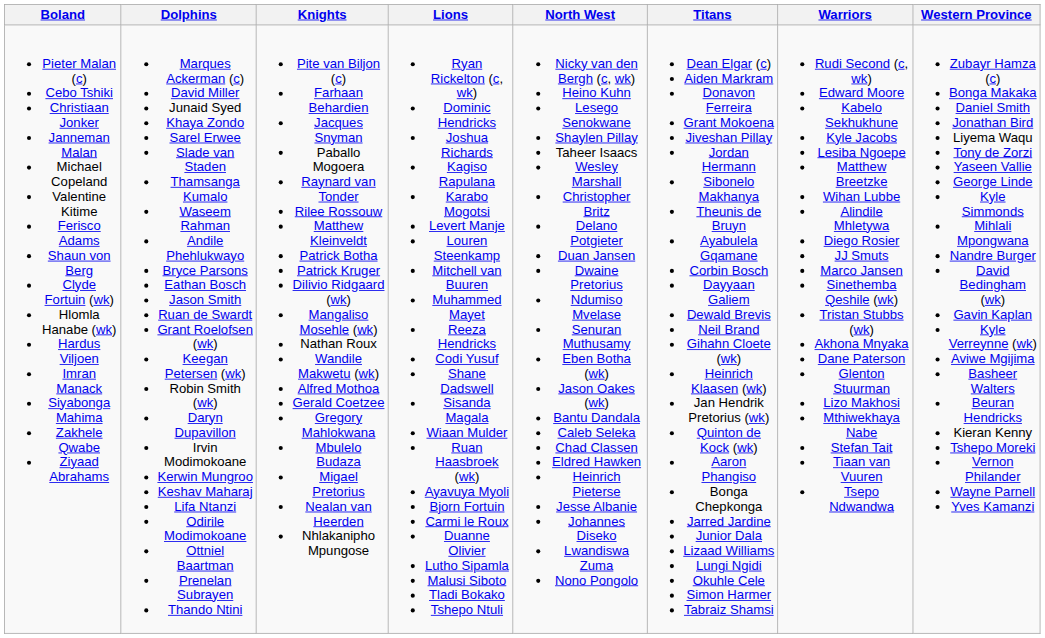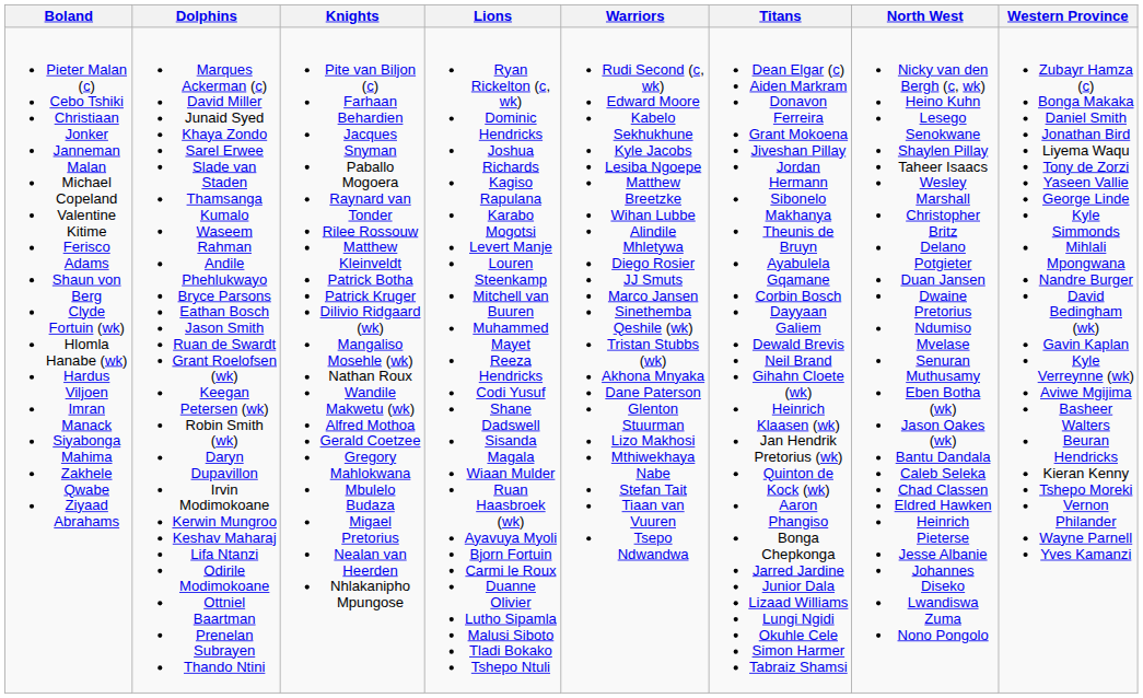 <table class="wikitable" style="text-align:center; margin:auto">
 <tr>
 <th><a href='#'>Boland</a></th>
 <th><a href='#'>Dolphins</a></th>
 <th><a href='#'>Knights</a></th>
 <th><a href='#'>Lions</a></th>
+<th><a href='#'>Warriors</a></th>
+<th><a href='#'>Titans</a></th>
 <th><a href='#'>North West</a></th>
-<th><a href='#'>Titans</a></th>
-<th><a href='#'>Warriors</a></th>
 <th><a href='#'>Western Province</a></th>
 </tr>
 <tr style="vertical-align:top">
 <td><br><ul><li><a href='#'>Pieter Malan</a> (<a href='#'>c</a>)</li><li><a href='#'>Cebo Tshiki</a></li><li><a href='#'>Christiaan Jonker</a></li><li><a href='#'>Janneman Malan</a></li><li>Michael Copeland</li><li>Valentine Kitime</li><li><a href='#'>Ferisco Adams</a></li><li><a href='#'>Shaun von Berg</a></li><li><a href='#'>Clyde Fortuin</a> (<a href='#'>wk</a>)</li><li>Hlomla Hanabe (<a href='#'>wk</a>)</li><li><a href='#'>Hardus Viljoen</a></li><li><a href='#'>Imran Manack</a></li><li><a href='#'>Siyabonga Mahima</a></li><li><a href='#'>Zakhele Qwabe</a></li><li><a href='#'>Ziyaad Abrahams</a></li></ul></td>
 <td><br><ul><li><a href='#'>Marques Ackerman</a> (<a href='#'>c</a>)</li><li><a href='#'>David Miller</a></li><li>Junaid Syed</li><li><a href='#'>Khaya Zondo</a></li><li><a href='#'>Sarel Erwee</a></li><li><a href='#'>Slade van Staden</a></li><li><a href='#'>Thamsanga Kumalo</a></li><li><a href='#'>Waseem Rahman</a></li><li><a href='#'>Andile Phehlukwayo</a></li><li><a href='#'>Bryce Parsons</a></li><li><a href='#'>Eathan Bosch</a></li><li><a href='#'>Jason Smith</a></li><li><a href='#'>Ruan de Swardt</a></li><li><a href='#'>Grant Roelofsen</a> (<a href='#'>wk</a>)</li><li><a href='#'>Keegan Petersen</a> (<a href='#'>wk</a>)</li><li>Robin Smith (<a href='#'>wk</a>)</li><li><a href='#'>Daryn Dupavillon</a></li><li>Irvin Modimokoane</li><li><a href='#'>Kerwin Mungroo</a></li><li><a href='#'>Keshav Maharaj</a></li><li><a href='#'>Lifa Ntanzi</a></li><li><a href='#'>Odirile Modimokoane</a></li><li><a href='#'>Ottniel Baartman</a></li><li><a href='#'>Prenelan Subrayen</a></li><li><a href='#'>Thando Ntini</a></li></ul></td>
 <td><br><ul><li><a href='#'>Pite van Biljon</a> (<a href='#'>c</a>)</li><li><a href='#'>Farhaan Behardien</a></li><li><a href='#'>Jacques Snyman</a></li><li>Paballo Mogoera</li><li><a href='#'>Raynard van Tonder</a></li><li><a href='#'>Rilee Rossouw</a></li><li><a href='#'>Matthew Kleinveldt</a></li><li><a href='#'>Patrick Botha</a></li><li><a href='#'>Patrick Kruger</a></li><li><a href='#'>Dilivio Ridgaard</a> (<a href='#'>wk</a>)</li><li><a href='#'>Mangaliso Mosehle</a> (<a href='#'>wk</a>)</li><li>Nathan Roux</li><li><a href='#'>Wandile Makwetu</a> (<a href='#'>wk</a>)</li><li><a href='#'>Alfred Mothoa</a></li><li><a href='#'>Gerald Coetzee</a></li><li><a href='#'>Gregory Mahlokwana</a></li><li><a href='#'>Mbulelo Budaza</a></li><li><a href='#'>Migael Pretorius</a></li><li><a href='#'>Nealan van Heerden</a></li><li>Nhlakanipho Mpungose</li></ul></td>
 <td><br><ul><li><a href='#'>Ryan Rickelton</a> (<a href='#'>c</a>, <a href='#'>wk</a>)</li><li><a href='#'>Dominic Hendricks</a></li><li><a href='#'>Joshua Richards</a></li><li><a href='#'>Kagiso Rapulana</a></li><li><a href='#'>Karabo Mogotsi</a></li><li><a href='#'>Levert Manje</a></li><li><a href='#'>Louren Steenkamp</a></li><li><a href='#'>Mitchell van Buuren</a></li><li><a href='#'>Muhammed Mayet</a></li><li><a href='#'>Reeza Hendricks</a></li><li><a href='#'>Codi Yusuf</a></li><li><a href='#'>Shane Dadswell</a></li><li><a href='#'>Sisanda Magala</a></li><li><a href='#'>Wiaan Mulder</a></li><li><a href='#'>Ruan Haasbroek</a> (<a href='#'>wk</a>)</li><li><a href='#'>Ayavuya Myoli</a></li><li><a href='#'>Bjorn Fortuin</a></li><li><a href='#'>Carmi le Roux</a></li><li><a href='#'>Duanne Olivier</a></li><li><a href='#'>Lutho Sipamla</a></li><li><a href='#'>Malusi Siboto</a></li><li><a href='#'>Tladi Bokako</a></li><li><a href='#'>Tshepo Ntuli</a></li></ul></td>
+<td><br><ul><li><a href='#'>Rudi Second</a> (<a href='#'>c</a>, <a href='#'>wk</a>)</li><li><a href='#'>Edward Moore</a></li><li><a href='#'>Kabelo Sekhukhune</a></li><li><a href='#'>Kyle Jacobs</a></li><li><a href='#'>Lesiba Ngoepe</a></li><li><a href='#'>Matthew Breetzke</a></li><li><a href='#'>Wihan Lubbe</a></li><li><a href='#'>Alindile Mhletywa</a></li><li><a href='#'>Diego Rosier</a></li><li><a href='#'>JJ Smuts</a></li><li><a href='#'>Marco Jansen</a></li><li><a href='#'>Sinethemba Qeshile</a> (<a href='#'>wk</a>)</li><li><a href='#'>Tristan Stubbs</a> (<a href='#'>wk</a>)</li><li><a href='#'>Akhona Mnyaka</a></li><li><a href='#'>Dane Paterson</a></li><li><a href='#'>Glenton Stuurman</a></li><li><a href='#'>Lizo Makhosi</a></li><li><a href='#'>Mthiwekhaya Nabe</a></li><li><a href='#'>Stefan Tait</a></li><li><a href='#'>Tiaan van Vuuren</a></li><li><a href='#'>Tsepo Ndwandwa</a></li></ul></td>
+<td><br><ul><li><a href='#'>Dean Elgar</a> (<a href='#'>c</a>)</li><li><a href='#'>Aiden Markram</a></li><li><a href='#'>Donavon Ferreira</a></li><li><a href='#'>Grant Mokoena</a></li><li><a href='#'>Jiveshan Pillay</a></li><li><a href='#'>Jordan Hermann</a></li><li><a href='#'>Sibonelo Makhanya</a></li><li><a href='#'>Theunis de Bruyn</a></li><li><a href='#'>Ayabulela Gqamane</a></li><li><a href='#'>Corbin Bosch</a></li><li><a href='#'>Dayyaan Galiem</a></li><li><a href='#'>Dewald Brevis</a></li><li><a href='#'>Neil Brand</a></li><li><a href='#'>Gihahn Cloete</a> (<a href='#'>wk</a>)</li><li><a href='#'>Heinrich Klaasen</a> (<a href='#'>wk</a>)</li><li>Jan Hendrik Pretorius (<a href='#'>wk</a>)</li><li><a href='#'>Quinton de Kock</a> (<a href='#'>wk</a>)</li><li><a href='#'>Aaron Phangiso</a></li><li>Bonga Chepkonga</li><li><a href='#'>Jarred Jardine</a></li><li><a href='#'>Junior Dala</a></li><li><a href='#'>Lizaad Williams</a></li><li><a href='#'>Lungi Ngidi</a></li><li><a href='#'>Okuhle Cele</a></li><li><a href='#'>Simon Harmer</a></li><li><a href='#'>Tabraiz Shamsi</a></li></ul></td>
 <td><br><ul><li><a href='#'>Nicky van den Bergh</a> (<a href='#'>c</a>, <a href='#'>wk</a>)</li><li><a href='#'>Heino Kuhn</a></li><li><a href='#'>Lesego Senokwane</a></li><li><a href='#'>Shaylen Pillay</a></li><li>Taheer Isaacs</li><li><a href='#'>Wesley Marshall</a></li><li><a href='#'>Christopher Britz</a></li><li><a href='#'>Delano Potgieter</a></li><li><a href='#'>Duan Jansen</a></li><li><a href='#'>Dwaine Pretorius</a></li><li><a href='#'>Ndumiso Mvelase</a></li><li><a href='#'>Senuran Muthusamy</a></li><li><a href='#'>Eben Botha</a> (<a href='#'>wk</a>)</li><li><a href='#'>Jason Oakes</a> (<a href='#'>wk</a>)</li><li><a href='#'>Bantu Dandala</a></li><li><a href='#'>Caleb Seleka</a></li><li><a href='#'>Chad Classen</a></li><li><a href='#'>Eldred Hawken</a></li><li><a href='#'>Heinrich Pieterse</a></li><li><a href='#'>Jesse Albanie</a></li><li><a href='#'>Johannes Diseko</a></li><li><a href='#'>Lwandiswa Zuma</a></li><li><a href='#'>Nono Pongolo</a></li></ul></td>
-<td><br><ul><li><a href='#'>Dean Elgar</a> (<a href='#'>c</a>)</li><li><a href='#'>Aiden Markram</a></li><li><a href='#'>Donavon Ferreira</a></li><li><a href='#'>Grant Mokoena</a></li><li><a href='#'>Jiveshan Pillay</a></li><li><a href='#'>Jordan Hermann</a></li><li><a href='#'>Sibonelo Makhanya</a></li><li><a href='#'>Theunis de Bruyn</a></li><li><a href='#'>Ayabulela Gqamane</a></li><li><a href='#'>Corbin Bosch</a></li><li><a href='#'>Dayyaan Galiem</a></li><li><a href='#'>Dewald Brevis</a></li><li><a href='#'>Neil Brand</a></li><li><a href='#'>Gihahn Cloete</a> (<a href='#'>wk</a>)</li><li><a href='#'>Heinrich Klaasen</a> (<a href='#'>wk</a>)</li><li>Jan Hendrik Pretorius (<a href='#'>wk</a>)</li><li><a href='#'>Quinton de Kock</a> (<a href='#'>wk</a>)</li><li><a href='#'>Aaron Phangiso</a></li><li>Bonga Chepkonga</li><li><a href='#'>Jarred Jardine</a></li><li><a href='#'>Junior Dala</a></li><li><a href='#'>Lizaad Williams</a></li><li><a href='#'>Lungi Ngidi</a></li><li><a href='#'>Okuhle Cele</a></li><li><a href='#'>Simon Harmer</a></li><li><a href='#'>Tabraiz Shamsi</a></li></ul></td>
-<td><br><ul><li><a href='#'>Rudi Second</a> (<a href='#'>c</a>, <a href='#'>wk</a>)</li><li><a href='#'>Edward Moore</a></li><li><a href='#'>Kabelo Sekhukhune</a></li><li><a href='#'>Kyle Jacobs</a></li><li><a href='#'>Lesiba Ngoepe</a></li><li><a href='#'>Matthew Breetzke</a></li><li><a href='#'>Wihan Lubbe</a></li><li><a href='#'>Alindile Mhletywa</a></li><li><a href='#'>Diego Rosier</a></li><li><a href='#'>JJ Smuts</a></li><li><a href='#'>Marco Jansen</a></li><li><a href='#'>Sinethemba Qeshile</a> (<a href='#'>wk</a>)</li><li><a href='#'>Tristan Stubbs</a> (<a href='#'>wk</a>)</li><li><a href='#'>Akhona Mnyaka</a></li><li><a href='#'>Dane Paterson</a></li><li><a href='#'>Glenton Stuurman</a></li><li><a href='#'>Lizo Makhosi</a></li><li><a href='#'>Mthiwekhaya Nabe</a></li><li><a href='#'>Stefan Tait</a></li><li><a href='#'>Tiaan van Vuuren</a></li><li><a href='#'>Tsepo Ndwandwa</a></li></ul></td>
 <td><br><ul><li><a href='#'>Zubayr Hamza</a> (<a href='#'>c</a>)</li><li><a href='#'>Bonga Makaka</a></li><li><a href='#'>Daniel Smith</a></li><li><a href='#'>Jonathan Bird</a></li><li>Liyema Waqu</li><li><a href='#'>Tony de Zorzi</a></li><li><a href='#'>Yaseen Vallie</a></li><li><a href='#'>George Linde</a></li><li><a href='#'>Kyle Simmonds</a></li><li><a href='#'>Mihlali Mpongwana</a></li><li><a href='#'>Nandre Burger</a></li><li><a href='#'>David Bedingham</a> (<a href='#'>wk</a>)</li><li><a href='#'>Gavin Kaplan</a></li><li><a href='#'>Kyle Verreynne</a> (<a href='#'>wk</a>)</li><li><a href='#'>Aviwe Mgijima</a></li><li><a href='#'>Basheer Walters</a></li><li><a href='#'>Beuran Hendricks</a></li><li>Kieran Kenny</li><li><a href='#'>Tshepo Moreki</a></li><li><a href='#'>Vernon Philander</a></li><li><a href='#'>Wayne Parnell</a></li><li><a href='#'>Yves Kamanzi</a></li></ul></td>
 </tr>
 </table>
